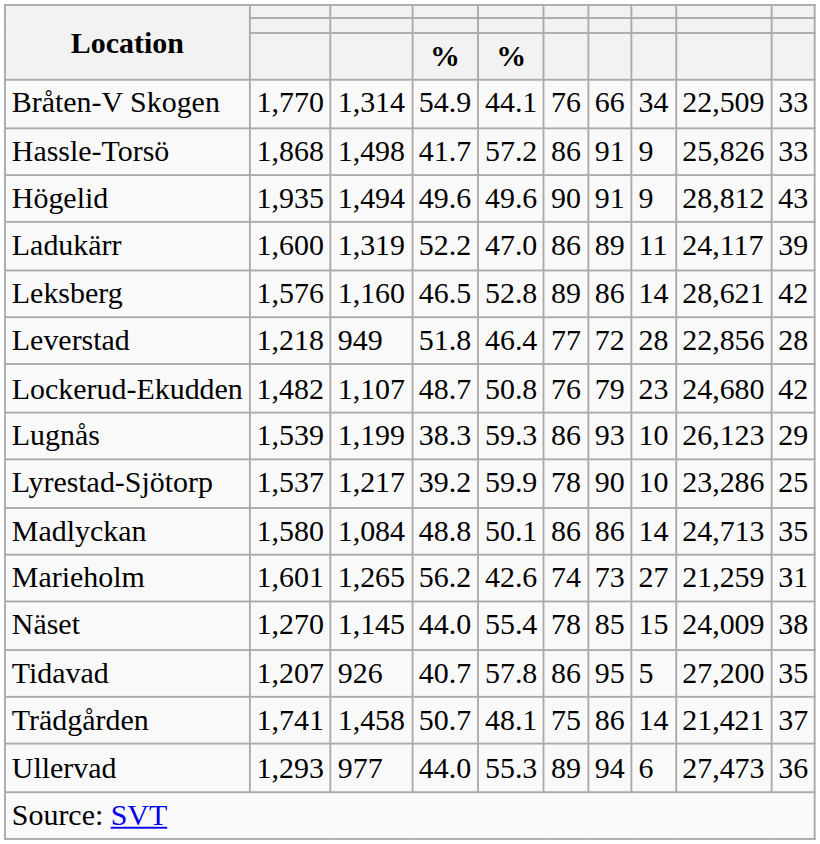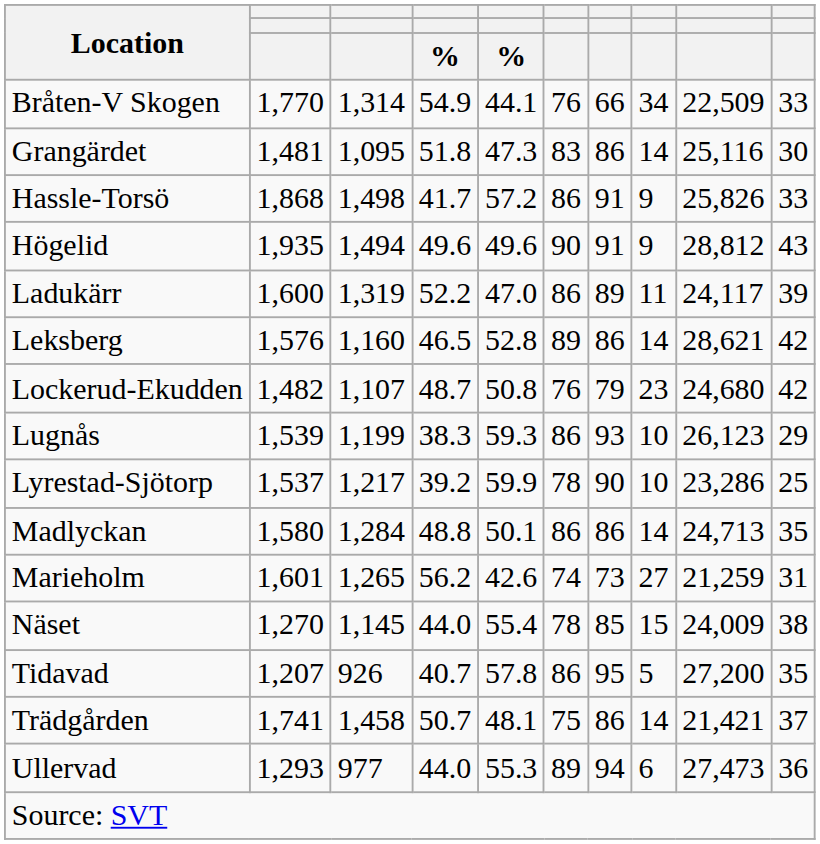 <table role="presentation" class="wikitable sortable mw-collapsible">
 <tr>
 <th rowspan="3">Location</th>
 <th></th>
 <th></th>
 <th></th>
 <th></th>
 <th></th>
 <th></th>
 <th></th>
 <th></th>
 <th></th>
 </tr>
 <tr>
 <th></th>
 <th></th>
 <th style="background:"></th>
 <th style="background:"></th>
 <th></th>
 <th></th>
 <th></th>
 <th></th>
 <th></th>
 </tr>
 <tr>
 <th data-sort-type="number"></th>
 <th data-sort-type="number"></th>
 <th data-sort-type="number">%</th>
 <th data-sort-type="number">%</th>
 <th data-sort-type="number"></th>
 <th data-sort-type="number"></th>
 <th data-sort-type="number"></th>
 <th data-sort-type="number"></th>
 <th data-sort-type="number"></th>
 </tr>
 <tr>
 <td align="left">Bråten-V Skogen</td>
 <td>1,770</td>
 <td>1,314</td>
 <td>54.9</td>
 <td>44.1</td>
 <td>76</td>
 <td>66</td>
 <td>34</td>
 <td>22,509</td>
 <td>33</td>
+</tr>
+<tr>
+<td align="left">Grangärdet</td>
+<td>1,481</td>
+<td>1,095</td>
+<td>51.8</td>
+<td>47.3</td>
+<td>83</td>
+<td>86</td>
+<td>14</td>
+<td>25,116</td>
+<td>30</td>
 </tr>
 <tr>
 <td align="left">Hassle-Torsö</td>
 <td>1,868</td>
 <td>1,498</td>
 <td>41.7</td>
 <td>57.2</td>
 <td>86</td>
 <td>91</td>
 <td>9</td>
 <td>25,826</td>
 <td>33</td>
 </tr>
 <tr>
 <td align="left">Högelid</td>
 <td>1,935</td>
 <td>1,494</td>
 <td>49.6</td>
 <td>49.6</td>
 <td>90</td>
 <td>91</td>
 <td>9</td>
 <td>28,812</td>
 <td>43</td>
 </tr>
 <tr>
 <td align="left">Ladukärr</td>
 <td>1,600</td>
 <td>1,319</td>
 <td>52.2</td>
 <td>47.0</td>
 <td>86</td>
 <td>89</td>
 <td>11</td>
 <td>24,117</td>
 <td>39</td>
 </tr>
 <tr>
 <td align="left">Leksberg</td>
 <td>1,576</td>
 <td>1,160</td>
 <td>46.5</td>
 <td>52.8</td>
 <td>89</td>
 <td>86</td>
 <td>14</td>
 <td>28,621</td>
 <td>42</td>
 </tr>
 <tr>
-<td align="left">Leverstad</td>
-<td>1,218</td>
-<td>949</td>
-<td>51.8</td>
-<td>46.4</td>
-<td>77</td>
-<td>72</td>
-<td>28</td>
-<td>22,856</td>
-<td>28</td>
-</tr>
-<tr>
 <td align="left">Lockerud-Ekudden</td>
 <td>1,482</td>
 <td>1,107</td>
 <td>48.7</td>
 <td>50.8</td>
 <td>76</td>
 <td>79</td>
 <td>23</td>
 <td>24,680</td>
 <td>42</td>
 </tr>
 <tr>
 <td align="left">Lugnås</td>
 <td>1,539</td>
 <td>1,199</td>
 <td>38.3</td>
 <td>59.3</td>
 <td>86</td>
 <td>93</td>
 <td>10</td>
 <td>26,123</td>
 <td>29</td>
 </tr>
 <tr>
 <td align="left">Lyrestad-Sjötorp</td>
 <td>1,537</td>
 <td>1,217</td>
 <td>39.2</td>
 <td>59.9</td>
 <td>78</td>
 <td>90</td>
 <td>10</td>
 <td>23,286</td>
 <td>25</td>
 </tr>
 <tr>
 <td align="left">Madlyckan</td>
 <td>1,580</td>
-<td>1,084</td>
+<td>1,284</td>
 <td>48.8</td>
 <td>50.1</td>
 <td>86</td>
 <td>86</td>
 <td>14</td>
 <td>24,713</td>
 <td>35</td>
 </tr>
 <tr>
 <td align="left">Marieholm</td>
 <td>1,601</td>
 <td>1,265</td>
 <td>56.2</td>
 <td>42.6</td>
 <td>74</td>
 <td>73</td>
 <td>27</td>
 <td>21,259</td>
 <td>31</td>
 </tr>
 <tr>
 <td align="left">Näset</td>
 <td>1,270</td>
 <td>1,145</td>
 <td>44.0</td>
 <td>55.4</td>
 <td>78</td>
 <td>85</td>
 <td>15</td>
 <td>24,009</td>
 <td>38</td>
 </tr>
 <tr>
 <td align="left">Tidavad</td>
 <td>1,207</td>
 <td>926</td>
 <td>40.7</td>
 <td>57.8</td>
 <td>86</td>
 <td>95</td>
 <td>5</td>
 <td>27,200</td>
 <td>35</td>
 </tr>
 <tr>
 <td align="left">Trädgården</td>
 <td>1,741</td>
 <td>1,458</td>
 <td>50.7</td>
 <td>48.1</td>
 <td>75</td>
 <td>86</td>
 <td>14</td>
 <td>21,421</td>
 <td>37</td>
 </tr>
 <tr>
 <td align="left">Ullervad</td>
 <td>1,293</td>
 <td>977</td>
 <td>44.0</td>
 <td>55.3</td>
 <td>89</td>
 <td>94</td>
 <td>6</td>
 <td>27,473</td>
 <td>36</td>
 </tr>
 <tr>
 <td colspan="10" align="left">Source: <a href='#'>SVT</a></td>
 </tr>
 </table>
